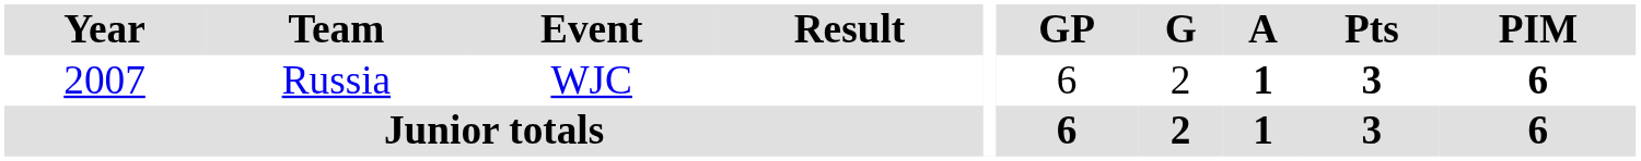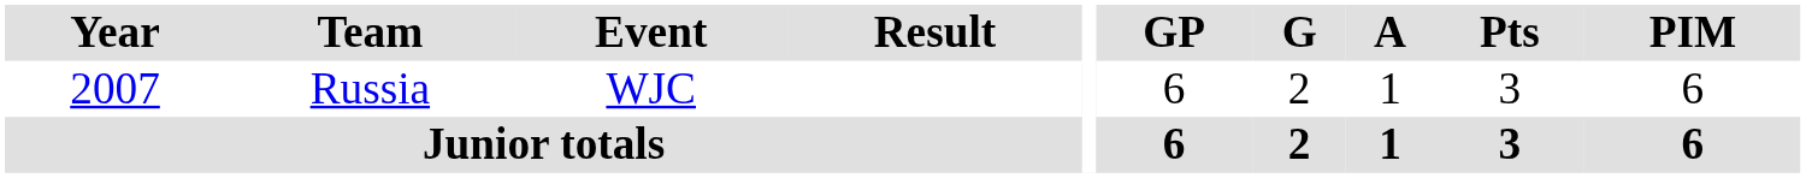 <table border="0" cellpadding="1" cellspacing="0" ID="Table3" style="text-align:center; width:40em">
 <tr ALIGN="center" bgcolor="#e0e0e0">
 <th>Year</th>
 <th>Team</th>
 <th>Event</th>
 <th>Result</th>
 <th rowspan="99" bgcolor="#ffffff"></th>
 <th>GP</th>
 <th>G</th>
 <th>A</th>
 <th>Pts</th>
 <th>PIM</th>
 </tr>
 <tr>
 <td><a href='#'>2007</a></td>
 <td><a href='#'>Russia</a></td>
 <td><a href='#'>WJC</a></td>
 <td></td>
 <td>6</td>
 <td>2</td>
-<td><strong>1</strong></td>
-<td><strong>3</strong></td>
-<td><strong>6</strong></td>
+<td>1</td>
+<td>3</td>
+<td>6</td>
 </tr>
 <tr bgcolor="#e0e0e0">
 <th colspan="4">Junior totals</th>
 <th>6</th>
 <th>2</th>
 <th>1</th>
 <th>3</th>
 <th>6</th>
 </tr>
 </table>
